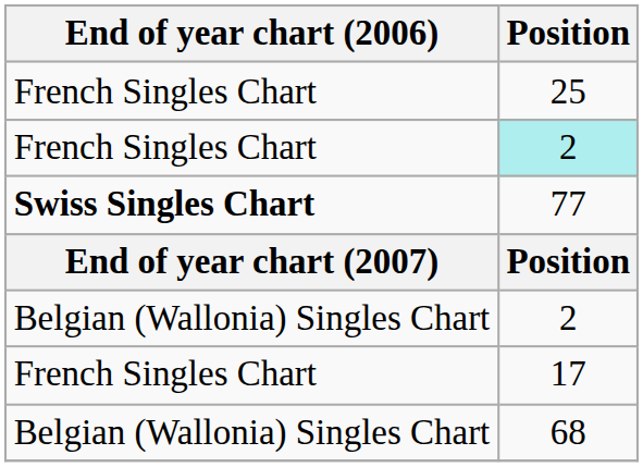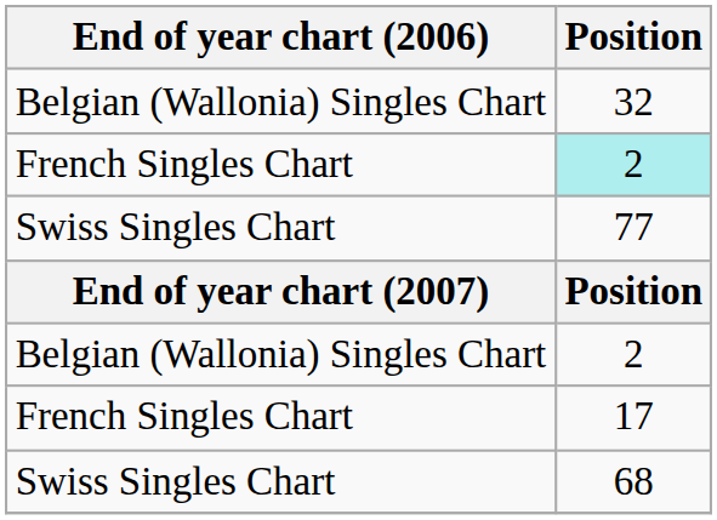 <table class="wikitable sortable">
 <tr>
 <th>End of year chart (2006)</th>
 <th>Position</th>
 </tr>
 <tr>
-<td>French Singles Chart</td>
-<td align="center">25</td>
+<td>Belgian (Wallonia) Singles Chart</td>
+<td align="center">32</td>
 </tr>
 <tr>
 <td>French Singles Chart</td>
 <td align="center" style="background: paleturquoise;">2</td>
 </tr>
 <tr>
-<td><strong>Swiss Singles Chart</strong></td>
+<td>Swiss Singles Chart</td>
 <td align="center">77</td>
 </tr>
 <tr>
 <th>End of year chart (2007)</th>
 <th>Position</th>
 </tr>
 <tr>
 <td>Belgian (Wallonia) Singles Chart</td>
 <td align="center">2</td>
 </tr>
 <tr>
 <td>French Singles Chart</td>
 <td align="center">17</td>
 </tr>
 <tr>
-<td>Belgian (Wallonia) Singles Chart</td>
+<td>Swiss Singles Chart</td>
 <td align="center">68</td>
 </tr>
 <tr>
 </tr>
 </table>
